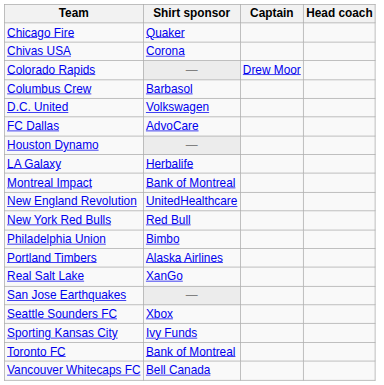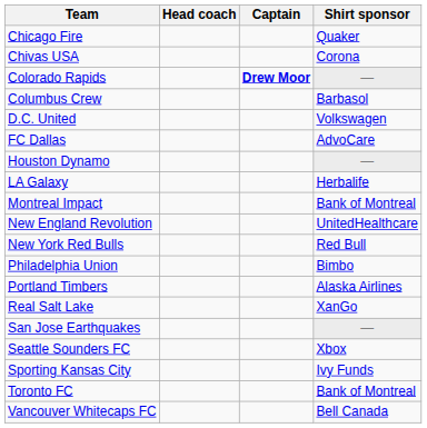 <table class="wikitable sortable" style="text-align: left;">
 <tr>
 <th>Team</th>
+<th>Head coach</th>
+<th>Captain</th>
 <th>Shirt sponsor</th>
-<th>Captain</th>
-<th>Head coach</th>
 </tr>
 <tr>
 <td><a href='#'>Chicago Fire</a></td>
-<td><a href='#'>Quaker</a></td>
 <td> </td>
 <td> </td>
+<td><a href='#'>Quaker</a></td>
 </tr>
 <tr>
 <td><a href='#'>Chivas USA</a></td>
-<td><a href='#'>Corona</a></td>
 <td> </td>
 <td> </td>
+<td><a href='#'>Corona</a></td>
 </tr>
 <tr>
 <td><a href='#'>Colorado Rapids</a></td>
+<td> </td>
+<td><strong> <a href='#'>Drew Moor</a></strong></td>
 <td align="center" style="background:#ececec; color:gray">—</td>
-<td> <a href='#'>Drew Moor</a></td>
-<td> </td>
 </tr>
 <tr>
 <td><a href='#'>Columbus Crew</a></td>
-<td><a href='#'>Barbasol</a></td>
 <td> </td>
 <td> </td>
+<td><a href='#'>Barbasol</a></td>
 </tr>
 <tr>
 <td><a href='#'>D.C. United</a></td>
-<td><a href='#'>Volkswagen</a></td>
 <td> </td>
 <td> </td>
+<td><a href='#'>Volkswagen</a></td>
 </tr>
 <tr>
 <td><a href='#'>FC Dallas</a></td>
-<td><a href='#'>AdvoCare</a></td>
 <td> </td>
 <td> </td>
+<td><a href='#'>AdvoCare</a></td>
 </tr>
 <tr>
 <td><a href='#'>Houston Dynamo</a></td>
-<td align="center" style="background:#ececec; color:gray">—</td>
 <td> </td>
 <td> </td>
+<td align="center" style="background:#ececec; color:gray">—</td>
 </tr>
 <tr>
 <td><a href='#'>LA Galaxy</a></td>
-<td><a href='#'>Herbalife</a></td>
 <td> </td>
 <td> </td>
+<td><a href='#'>Herbalife</a></td>
 </tr>
 <tr>
 <td><a href='#'>Montreal Impact</a></td>
-<td><a href='#'>Bank of Montreal</a></td>
 <td> </td>
 <td> </td>
+<td><a href='#'>Bank of Montreal</a></td>
 </tr>
 <tr>
 <td><a href='#'>New England Revolution</a></td>
-<td><a href='#'>UnitedHealthcare</a></td>
 <td> </td>
 <td> </td>
+<td><a href='#'>UnitedHealthcare</a></td>
 </tr>
 <tr>
 <td><a href='#'>New York Red Bulls</a></td>
-<td><a href='#'>Red Bull</a></td>
 <td> </td>
 <td> </td>
+<td><a href='#'>Red Bull</a></td>
 </tr>
 <tr>
 <td><a href='#'>Philadelphia Union</a></td>
-<td><a href='#'>Bimbo</a></td>
 <td> </td>
 <td> </td>
+<td><a href='#'>Bimbo</a></td>
 </tr>
 <tr>
 <td><a href='#'>Portland Timbers</a></td>
-<td><a href='#'>Alaska Airlines</a></td>
 <td> </td>
 <td> </td>
+<td><a href='#'>Alaska Airlines</a></td>
 </tr>
 <tr>
 <td><a href='#'>Real Salt Lake</a></td>
-<td><a href='#'>XanGo</a></td>
 <td> </td>
 <td> </td>
+<td><a href='#'>XanGo</a></td>
 </tr>
 <tr>
 <td><a href='#'>San Jose Earthquakes</a></td>
-<td align="center" style="background:#ececec; color:gray">—</td>
 <td> </td>
 <td> </td>
+<td align="center" style="background:#ececec; color:gray">—</td>
 </tr>
 <tr>
 <td><a href='#'>Seattle Sounders FC</a></td>
-<td><a href='#'>Xbox</a></td>
 <td> </td>
 <td> </td>
+<td><a href='#'>Xbox</a></td>
 </tr>
 <tr>
 <td><a href='#'>Sporting Kansas City</a></td>
-<td><a href='#'>Ivy Funds</a></td>
 <td> </td>
 <td> </td>
+<td><a href='#'>Ivy Funds</a></td>
 </tr>
 <tr>
 <td><a href='#'>Toronto FC</a></td>
-<td><a href='#'>Bank of Montreal</a></td>
 <td> </td>
 <td> </td>
+<td><a href='#'>Bank of Montreal</a></td>
 </tr>
 <tr>
 <td><a href='#'>Vancouver Whitecaps FC</a></td>
-<td><a href='#'>Bell Canada</a></td>
 <td> </td>
 <td> </td>
+<td><a href='#'>Bell Canada</a></td>
 </tr>
 </table>
